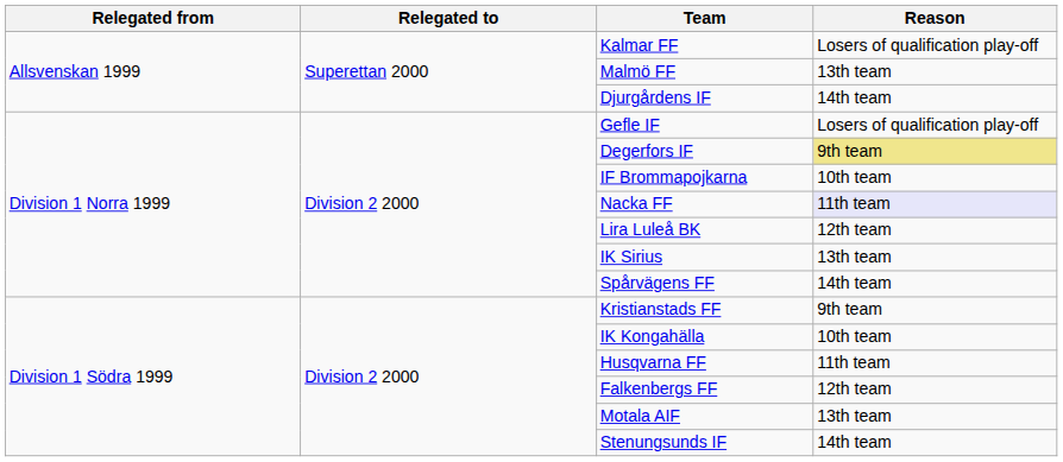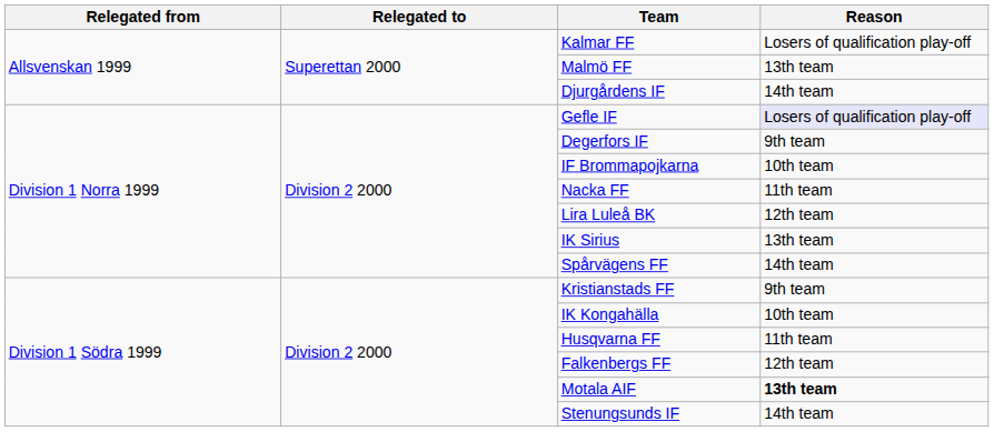 <table class="wikitable" style="text-align: left">
 <tr>
 <th style="width: 275px;">Relegated from</th>
 <th style="width: 275px;">Relegated to</th>
 <th style="width: 200px;">Team</th>
 <th style="width: 225px;">Reason</th>
 </tr>
 <tr>
 <td rowspan=3><a href='#'>Allsvenskan</a> 1999</td>
 <td rowspan=3><a href='#'>Superettan</a> 2000</td>
 <td><a href='#'>Kalmar FF</a></td>
 <td>Losers of qualification play-off</td>
 </tr>
 <tr>
 <td><a href='#'>Malmö FF</a></td>
 <td>13th team</td>
 </tr>
 <tr>
 <td><a href='#'>Djurgårdens IF</a></td>
 <td>14th team</td>
 </tr>
 <tr>
 <td rowspan=7><a href='#'>Division 1</a> <a href='#'>Norra</a> 1999</td>
 <td rowspan=7><a href='#'>Division 2</a> 2000</td>
 <td><a href='#'>Gefle IF</a></td>
-<td>Losers of qualification play-off</td>
+<td style="background: lavender;">Losers of qualification play-off</td>
 </tr>
 <tr>
 <td><a href='#'>Degerfors IF</a></td>
-<td style="background: khaki;">9th team</td>
+<td>9th team</td>
 </tr>
 <tr>
 <td><a href='#'>IF Brommapojkarna</a></td>
 <td>10th team</td>
 </tr>
 <tr>
 <td><a href='#'>Nacka FF</a></td>
-<td style="background: lavender;">11th team</td>
+<td>11th team</td>
 </tr>
 <tr>
 <td><a href='#'>Lira Luleå BK</a></td>
 <td>12th team</td>
 </tr>
 <tr>
 <td><a href='#'>IK Sirius</a></td>
 <td>13th team</td>
 </tr>
 <tr>
 <td><a href='#'>Spårvägens FF</a></td>
 <td>14th team</td>
 </tr>
 <tr>
 <td rowspan=6><a href='#'>Division 1</a> <a href='#'>Södra</a> 1999</td>
 <td rowspan=6><a href='#'>Division 2</a> 2000</td>
 <td><a href='#'>Kristianstads FF</a></td>
 <td>9th team</td>
 </tr>
 <tr>
 <td><a href='#'>IK Kongahälla</a></td>
 <td>10th team</td>
 </tr>
 <tr>
 <td><a href='#'>Husqvarna FF</a></td>
 <td>11th team</td>
 </tr>
 <tr>
 <td><a href='#'>Falkenbergs FF</a></td>
 <td>12th team</td>
 </tr>
 <tr>
 <td><a href='#'>Motala AIF</a></td>
-<td>13th team</td>
+<td><strong>13th team</strong></td>
 </tr>
 <tr>
 <td><a href='#'>Stenungsunds IF</a></td>
 <td>14th team</td>
 </tr>
 </table>
